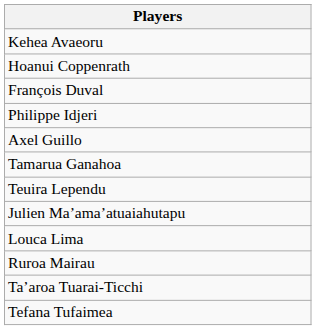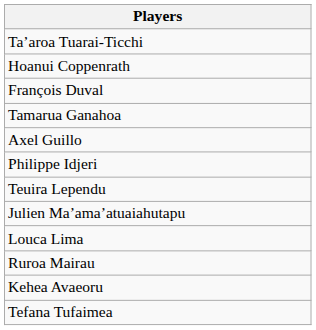 <table class=wikitable style="width:20%">
 <tr>
 <th>Players</th>
 </tr>
 <tr>
-<td>Kehea Avaeoru</td>
+<td>Ta’aroa Tuarai-Ticchi</td>
 </tr>
 <tr>
 <td>Hoanui Coppenrath</td>
 </tr>
 <tr>
 <td>François Duval</td>
 </tr>
 <tr>
-<td>Philippe Idjeri</td>
+<td>Tamarua Ganahoa</td>
 </tr>
 <tr>
 <td>Axel Guillo</td>
 </tr>
 <tr>
-<td>Tamarua Ganahoa</td>
+<td>Philippe Idjeri</td>
 </tr>
 <tr>
 <td>Teuira Lependu</td>
 </tr>
 <tr>
 <td>Julien Ma’ama’atuaiahutapu</td>
 </tr>
 <tr>
 <td>Louca Lima</td>
 </tr>
 <tr>
 <td>Ruroa Mairau</td>
 </tr>
 <tr>
-<td>Ta’aroa Tuarai-Ticchi</td>
+<td>Kehea Avaeoru</td>
 </tr>
 <tr>
 <td>Tefana Tufaimea</td>
 </tr>
 </table>
